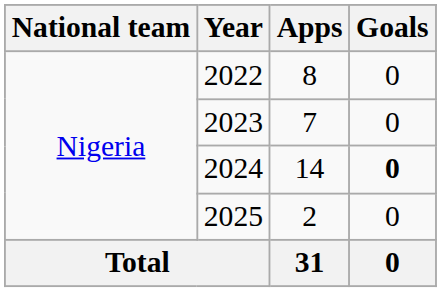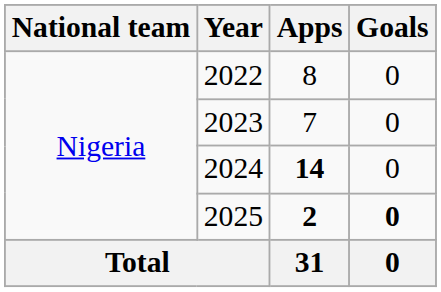 <table class=wikitable style=text-align:center>
 <tr>
 <th>National team</th>
 <th>Year</th>
 <th>Apps</th>
 <th>Goals</th>
 </tr>
 <tr>
 <td rowspan=4><a href='#'>Nigeria</a></td>
 <td>2022</td>
 <td>8</td>
 <td>0</td>
 </tr>
 <tr>
 <td>2023</td>
 <td>7</td>
 <td>0</td>
 </tr>
 <tr>
 <td>2024</td>
-<td>14</td>
-<td><strong>0</strong></td>
+<td><strong>14</strong></td>
+<td>0</td>
 </tr>
 <tr>
 <td>2025</td>
-<td>2</td>
-<td>0</td>
+<td><strong>2</strong></td>
+<td><strong>0</strong></td>
 </tr>
 <tr>
 <th colspan=2>Total</th>
 <th>31</th>
 <th>0</th>
 </tr>
 </table>
